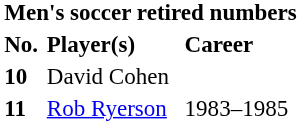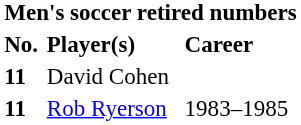 <table class="toccolours" style="float: right; margin-left: 1em;">
 <tr>
 <th colspan="3" style="text-align: center; "><strong>Men's soccer retired numbers</strong></th>
 </tr>
 <tr>
 <td><strong>No.</strong></td>
 <td><strong>Player(s)</strong></td>
 <td><strong>Career</strong></td>
 </tr>
 <tr>
-<td><strong>10</strong></td>
+<td><strong>11</strong></td>
 <td>David Cohen</td>
 <td></td>
 </tr>
 <tr>
 <td><strong>11</strong></td>
 <td><a href='#'>Rob Ryerson</a></td>
 <td>1983–1985</td>
 </tr>
 </table>
